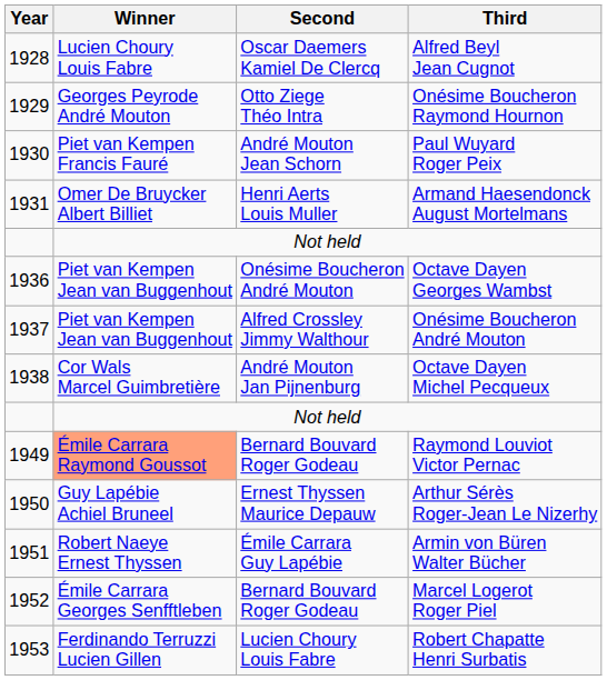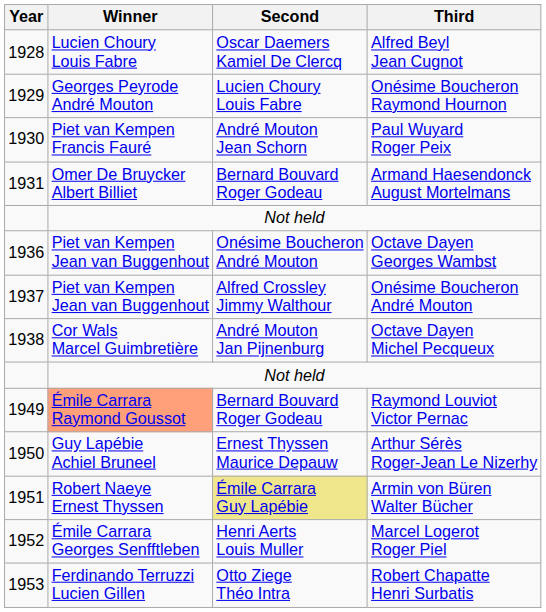 <table style="margin-bottom: 10px;" data-cx-mt-provider="Apertium" class="wikitable">
 <tr>
 <th>Year</th>
 <th>Winner</th>
 <th>Second</th>
 <th>Third</th>
 </tr>
 <tr>
 <td>1928</td>
 <td> <a href='#'>Lucien Choury</a> <br>  <a href='#'>Louis Fabre</a></td>
 <td> <a href='#'>Oscar Daemers</a> <br>  <a href='#'>Kamiel De Clercq</a></td>
 <td> <a href='#'>Alfred Beyl</a> <br>  <a href='#'>Jean Cugnot</a></td>
 </tr>
 <tr>
 <td>1929</td>
 <td> <a href='#'>Georges Peyrode</a> <br>  <a href='#'>André Mouton</a></td>
-<td> <a href='#'>Otto Ziege</a> <br>  <a href='#'>Théo Intra</a></td>
+<td> <a href='#'>Lucien Choury</a> <br>  <a href='#'>Louis Fabre</a></td>
 <td> <a href='#'>Onésime Boucheron</a> <br>  <a href='#'>Raymond Hournon</a></td>
 </tr>
 <tr>
 <td>1930</td>
 <td> <a href='#'>Piet van Kempen</a> <br>  <a href='#'>Francis Fauré</a></td>
 <td> <a href='#'>André Mouton</a> <br>  <a href='#'>Jean Schorn</a></td>
 <td> <a href='#'>Paul Wuyard</a> <br>  <a href='#'>Roger Peix</a></td>
 </tr>
 <tr>
 <td>1931</td>
 <td> <a href='#'>Omer De Bruycker</a> <br>  <a href='#'>Albert Billiet</a></td>
-<td> <a href='#'>Henri Aerts</a> <br>  <a href='#'>Louis Muller</a></td>
+<td> <a href='#'>Bernard Bouvard</a> <br>  <a href='#'>Roger Godeau</a></td>
 <td> <a href='#'>Armand Haesendonck</a> <br>  <a href='#'>August Mortelmans</a></td>
 </tr>
 <tr>
 <td></td>
 <td colspan="3" align="center"><em>Not held</em></td>
 </tr>
 <tr>
 <td>1936</td>
 <td> <a href='#'>Piet van Kempen</a> <br>  <a href='#'>Jean van Buggenhout</a></td>
 <td> <a href='#'>Onésime Boucheron</a> <br>  <a href='#'>André Mouton</a></td>
 <td> <a href='#'>Octave Dayen</a> <br>  <a href='#'>Georges Wambst</a></td>
 </tr>
 <tr>
 <td>1937</td>
 <td> <a href='#'>Piet van Kempen</a> <br>  <a href='#'>Jean van Buggenhout</a></td>
 <td> <a href='#'>Alfred Crossley</a> <br>  <a href='#'>Jimmy Walthour</a></td>
 <td> <a href='#'>Onésime Boucheron</a> <br>  <a href='#'>André Mouton</a></td>
 </tr>
 <tr>
 <td>1938</td>
 <td> <a href='#'>Cor Wals</a> <br>  <a href='#'>Marcel Guimbretière</a></td>
 <td> <a href='#'>André Mouton</a> <br>  <a href='#'>Jan Pijnenburg</a></td>
 <td> <a href='#'>Octave Dayen</a> <br>  <a href='#'>Michel Pecqueux</a></td>
 </tr>
 <tr>
 <td></td>
 <td colspan="3" align="center"><em>Not held</em></td>
 </tr>
 <tr>
 <td>1949</td>
 <td style="background: lightsalmon;"> <a href='#'>Émile Carrara</a> <br>  <a href='#'>Raymond Goussot</a></td>
 <td> <a href='#'>Bernard Bouvard</a> <br>  <a href='#'>Roger Godeau</a></td>
 <td> <a href='#'>Raymond Louviot</a> <br>  <a href='#'>Victor Pernac</a></td>
 </tr>
 <tr>
 <td>1950</td>
 <td> <a href='#'>Guy Lapébie</a> <br>  <a href='#'>Achiel Bruneel</a></td>
 <td> <a href='#'>Ernest Thyssen</a> <br>  <a href='#'>Maurice Depauw</a></td>
 <td> <a href='#'>Arthur Sérès</a> <br>  <a href='#'>Roger-Jean Le Nizerhy</a></td>
 </tr>
 <tr>
 <td>1951</td>
 <td> <a href='#'>Robert Naeye</a> <br>  <a href='#'>Ernest Thyssen</a></td>
-<td> <a href='#'>Émile Carrara</a> <br>  <a href='#'>Guy Lapébie</a></td>
+<td style="background: khaki;"> <a href='#'>Émile Carrara</a> <br>  <a href='#'>Guy Lapébie</a></td>
 <td> <a href='#'>Armin von Büren</a> <br>  <a href='#'>Walter Bücher</a></td>
 </tr>
 <tr>
 <td>1952</td>
 <td> <a href='#'>Émile Carrara</a> <br>  <a href='#'>Georges Senfftleben</a></td>
-<td> <a href='#'>Bernard Bouvard</a> <br>  <a href='#'>Roger Godeau</a></td>
+<td> <a href='#'>Henri Aerts</a> <br>  <a href='#'>Louis Muller</a></td>
 <td> <a href='#'>Marcel Logerot</a> <br>  <a href='#'>Roger Piel</a></td>
 </tr>
 <tr>
 <td>1953</td>
 <td> <a href='#'>Ferdinando Terruzzi</a> <br>  <a href='#'>Lucien Gillen</a></td>
-<td> <a href='#'>Lucien Choury</a> <br>  <a href='#'>Louis Fabre</a></td>
+<td> <a href='#'>Otto Ziege</a> <br>  <a href='#'>Théo Intra</a></td>
 <td> <a href='#'>Robert Chapatte</a> <br>  <a href='#'>Henri Surbatis</a></td>
 </tr>
 </table>
